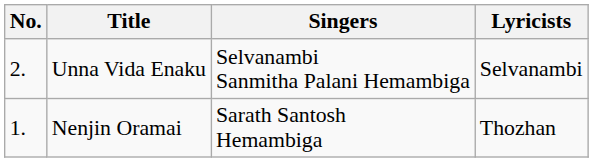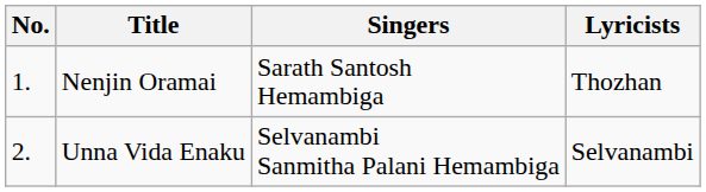 <table class="wikitable">
 <tr>
 <th>No.</th>
 <th>Title</th>
 <th>Singers</th>
 <th>Lyricists</th>
 </tr>
 <tr>
+<td>1.</td>
+<td>Nenjin Oramai</td>
+<td>Sarath Santosh<br>Hemambiga</td>
+<td>Thozhan</td>
+</tr>
+<tr>
 <td>2.</td>
 <td>Unna Vida Enaku</td>
 <td>Selvanambi<br>Sanmitha Palani Hemambiga</td>
 <td>Selvanambi</td>
 </tr>
-<tr>
-<td>1.</td>
-<td>Nenjin Oramai</td>
-<td>Sarath Santosh<br>Hemambiga</td>
-<td>Thozhan</td>
-</tr>
 </table>
